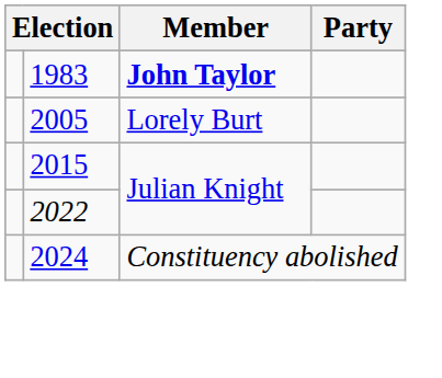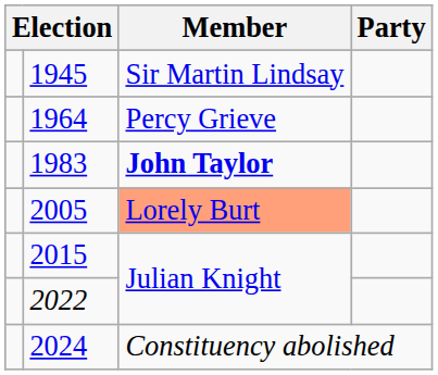 <table class="wikitable">
 <tr>
 <th colspan="2">Election</th>
 <th>Member</th>
 <th>Party</th>
+</tr>
+<tr>
+<td style="color:inherit;background-color: "></td>
+<td><a href='#'>1945</a></td>
+<td><a href='#'>Sir Martin Lindsay</a></td>
+<td></td>
+</tr>
+<tr>
+<td style="color:inherit;background-color: "></td>
+<td><a href='#'>1964</a></td>
+<td><a href='#'>Percy Grieve</a></td>
+<td></td>
 </tr>
 <tr>
 <td style="color:inherit;background-color: "></td>
 <td><a href='#'>1983</a></td>
 <td><strong><a href='#'>John Taylor</a></strong></td>
 <td></td>
 </tr>
 <tr>
 <td style="color:inherit;background-color: "></td>
 <td><a href='#'>2005</a></td>
-<td><a href='#'>Lorely Burt</a></td>
+<td style="background: lightsalmon;"><a href='#'>Lorely Burt</a></td>
 <td></td>
 </tr>
 <tr>
 <td style="color:inherit;background-color: "></td>
 <td><a href='#'>2015</a></td>
 <td rowspan="2"><a href='#'>Julian Knight</a></td>
 <td></td>
 </tr>
 <tr>
 <td style="color:inherit;background-color: "></td>
 <td><em>2022</em></td>
 <td></td>
 </tr>
 <tr>
 <td></td>
 <td><a href='#'>2024</a></td>
 <td colspan="2"><em>Constituency abolished</em></td>
 </tr>
 </table>
